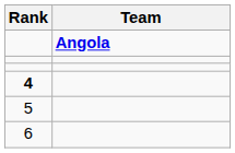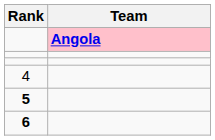 <table class=wikitable style="text-align:center;">
 <tr>
 <th>Rank</th>
 <th width=170>Team</th>
 </tr>
 <tr>
 <td></td>
-<td align=left> <strong><a href='#'>Angola</a></strong></td>
+<td align=left style="background: pink;"> <strong><a href='#'>Angola</a></strong></td>
 </tr>
 <tr>
 <td></td>
 <td align=left></td>
 </tr>
 <tr>
 <td></td>
 <td align=left></td>
 </tr>
 <tr>
-<td><strong>4</strong></td>
+<td>4</td>
 <td align=left></td>
 </tr>
 <tr>
-<td>5</td>
+<td><strong>5</strong></td>
 <td align=left></td>
 </tr>
 <tr>
-<td>6</td>
+<td><strong>6</strong></td>
 <td align=left></td>
 </tr>
 </table>
